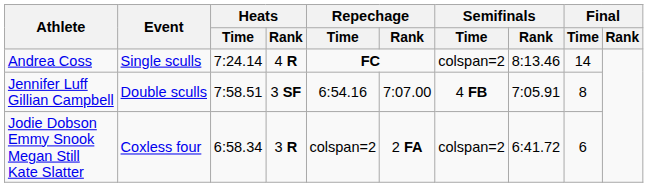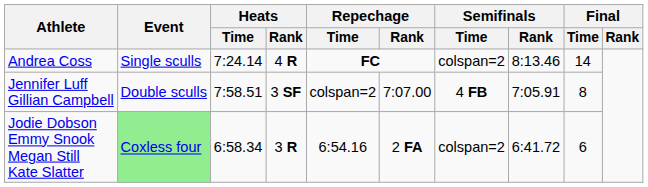 <table class="wikitable" style="font-size:90%">
 <tr>
 <th rowspan="2">Athlete</th>
 <th rowspan="2">Event</th>
 <th colspan="2">Heats</th>
 <th colspan="2">Repechage</th>
 <th colspan="2">Semifinals</th>
 <th colspan="2">Final</th>
 </tr>
 <tr style="font-size:95%">
 <th>Time</th>
 <th>Rank</th>
 <th>Time</th>
 <th>Rank</th>
 <th>Time</th>
 <th>Rank</th>
 <th>Time</th>
 <th>Rank</th>
 </tr>
 <tr align=center>
 <td align=left><a href='#'>Andrea Coss</a></td>
 <td align=left><a href='#'>Single sculls</a></td>
 <td>7:24.14</td>
 <td>4 <strong>R</strong></td>
 <td colspan=2> <strong>FC</strong></td>
 <td>colspan=2</td>
 <td>8:13.46</td>
 <td>14</td>
 </tr>
 <tr align=center>
 <td align=left><a href='#'>Jennifer Luff</a><br><a href='#'>Gillian Campbell</a></td>
 <td align=left><a href='#'>Double sculls</a></td>
 <td>7:58.51</td>
 <td>3 <strong>SF</strong></td>
-<td>6:54.16</td>
+<td>colspan=2</td>
 <td>7:07.00</td>
 <td>4 <strong>FB</strong></td>
 <td>7:05.91</td>
 <td>8</td>
 </tr>
 <tr align=center>
 <td align=left><a href='#'>Jodie Dobson</a><br><a href='#'>Emmy Snook</a><br><a href='#'>Megan Still</a><br><a href='#'>Kate Slatter</a></td>
-<td align=left><a href='#'>Coxless four</a></td>
+<td align=left style="background: lightgreen;"><a href='#'>Coxless four</a></td>
 <td>6:58.34</td>
 <td>3 <strong>R</strong></td>
-<td>colspan=2</td>
+<td>6:54.16</td>
 <td>2 <strong>FA</strong></td>
 <td>colspan=2</td>
 <td>6:41.72</td>
 <td>6</td>
 </tr>
 </table>
